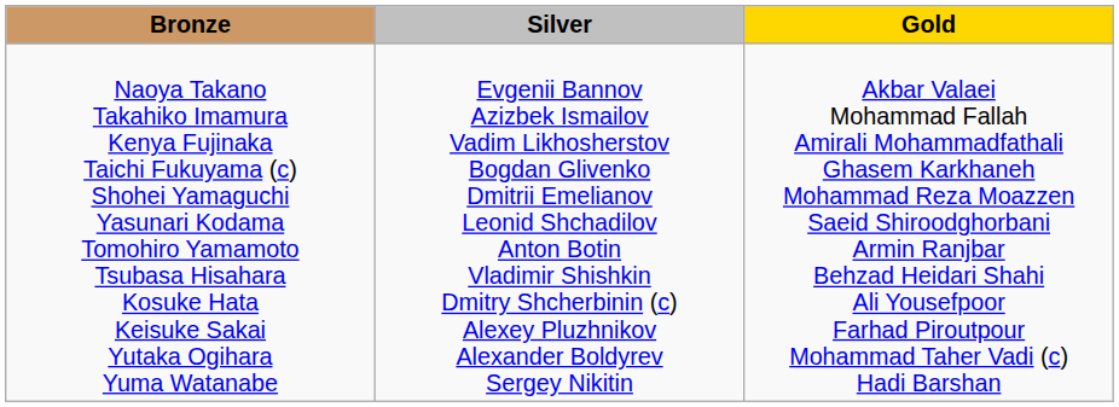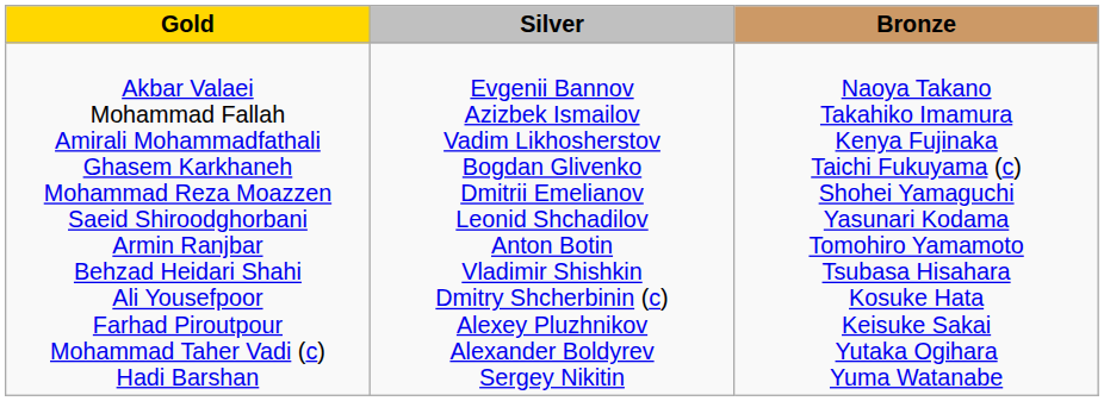 <table class="wikitable" style="text-align:center; font-size:95%;">
 <tr>
+<td style="width:15em; background:gold"><strong>Gold</strong></td>
+<td style="width:15em; background:silver"><strong>Silver</strong></td>
 <td style="width:15em; background:#cc9966"><strong>Bronze</strong></td>
-<td style="width:15em; background:silver"><strong>Silver</strong></td>
-<td style="width:15em; background:gold"><strong>Gold</strong></td>
 </tr>
 <tr>
+<td><br><a href='#'>Akbar Valaei</a><br>Mohammad Fallah<br><a href='#'>Amirali Mohammadfathali</a><br><a href='#'>Ghasem Karkhaneh</a><br><a href='#'>Mohammad Reza Moazzen</a><br><a href='#'>Saeid Shiroodghorbani</a><br><a href='#'>Armin Ranjbar</a><br><a href='#'>Behzad Heidari Shahi</a><br><a href='#'>Ali Yousefpoor</a><br><a href='#'>Farhad Piroutpour</a><br><a href='#'>Mohammad Taher Vadi</a> (<a href='#'>c</a>)<br><a href='#'>Hadi Barshan</a></td>
+<td><br><a href='#'>Evgenii Bannov</a><br><a href='#'>Azizbek Ismailov</a><br><a href='#'>Vadim Likhosherstov</a><br><a href='#'>Bogdan Glivenko</a><br><a href='#'>Dmitrii Emelianov</a><br><a href='#'>Leonid Shchadilov</a><br><a href='#'>Anton Botin</a><br><a href='#'>Vladimir Shishkin</a><br><a href='#'>Dmitry Shcherbinin</a> (<a href='#'>c</a>)<br><a href='#'>Alexey Pluzhnikov</a><br><a href='#'>Alexander Boldyrev</a><br><a href='#'>Sergey Nikitin</a></td>
 <td><br><a href='#'>Naoya Takano</a><br><a href='#'>Takahiko Imamura</a><br><a href='#'>Kenya Fujinaka</a><br><a href='#'>Taichi Fukuyama</a> (<a href='#'>c</a>)<br><a href='#'>Shohei Yamaguchi</a><br><a href='#'>Yasunari Kodama</a><br><a href='#'>Tomohiro Yamamoto</a><br><a href='#'>Tsubasa Hisahara</a><br><a href='#'>Kosuke Hata</a><br><a href='#'>Keisuke Sakai</a><br><a href='#'>Yutaka Ogihara</a><br><a href='#'>Yuma Watanabe</a></td>
-<td><br><a href='#'>Evgenii Bannov</a><br><a href='#'>Azizbek Ismailov</a><br><a href='#'>Vadim Likhosherstov</a><br><a href='#'>Bogdan Glivenko</a><br><a href='#'>Dmitrii Emelianov</a><br><a href='#'>Leonid Shchadilov</a><br><a href='#'>Anton Botin</a><br><a href='#'>Vladimir Shishkin</a><br><a href='#'>Dmitry Shcherbinin</a> (<a href='#'>c</a>)<br><a href='#'>Alexey Pluzhnikov</a><br><a href='#'>Alexander Boldyrev</a><br><a href='#'>Sergey Nikitin</a></td>
-<td><br><a href='#'>Akbar Valaei</a><br>Mohammad Fallah<br><a href='#'>Amirali Mohammadfathali</a><br><a href='#'>Ghasem Karkhaneh</a><br><a href='#'>Mohammad Reza Moazzen</a><br><a href='#'>Saeid Shiroodghorbani</a><br><a href='#'>Armin Ranjbar</a><br><a href='#'>Behzad Heidari Shahi</a><br><a href='#'>Ali Yousefpoor</a><br><a href='#'>Farhad Piroutpour</a><br><a href='#'>Mohammad Taher Vadi</a> (<a href='#'>c</a>)<br><a href='#'>Hadi Barshan</a></td>
 </tr>
 </table>
